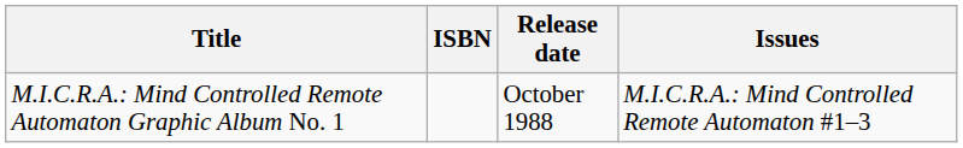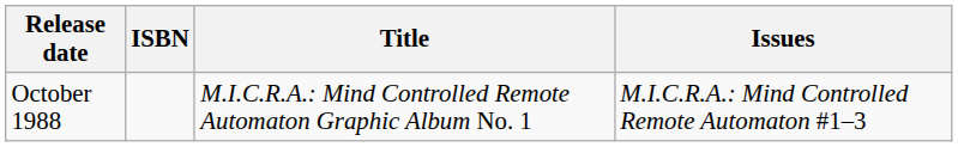 <table class="wikitable">
 <tr>
+<th>Release date</th>
+<th>ISBN</th>
 <th>Title</th>
-<th>ISBN</th>
-<th>Release date</th>
 <th>Issues</th>
 </tr>
 <tr>
+<td>October 1988</td>
+<td></td>
 <td><em>M.I.C.R.A.: Mind Controlled Remote Automaton Graphic Album</em> No. 1</td>
-<td></td>
-<td>October 1988</td>
 <td><em>M.I.C.R.A.: Mind Controlled Remote Automaton</em> #1–3</td>
 </tr>
 </table>
